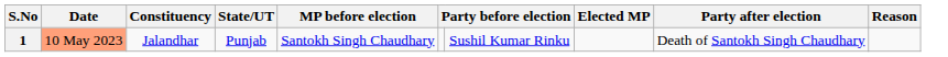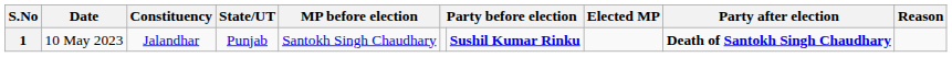 <table class="wikitable sortable" style="text-align:center;">
 <tr>
 <th>S.No</th>
 <th>Date</th>
 <th>Constituency</th>
 <th>State/UT</th>
 <th>MP before election</th>
 <th colspan=2>Party before election</th>
 <th>Elected MP</th>
 <th colspan=2>Party after election</th>
 <th>Reason</th>
 </tr>
 <tr>
 <th>1</th>
-<td style="background: lightsalmon;">10 May 2023</td>
+<td>10 May 2023</td>
 <td><a href='#'>Jalandhar</a></td>
 <td><a href='#'>Punjab</a></td>
 <td><a href='#'>Santokh Singh Chaudhary</a></td>
 <td></td>
-<td><a href='#'>Sushil Kumar Rinku</a></td>
+<td><strong><a href='#'>Sushil Kumar Rinku</a></strong></td>
 <td></td>
-<td>Death of <a href='#'>Santokh Singh Chaudhary</a></td>
+<td><strong>Death of <a href='#'>Santokh Singh Chaudhary</a></strong></td>
 </tr>
 </table>
